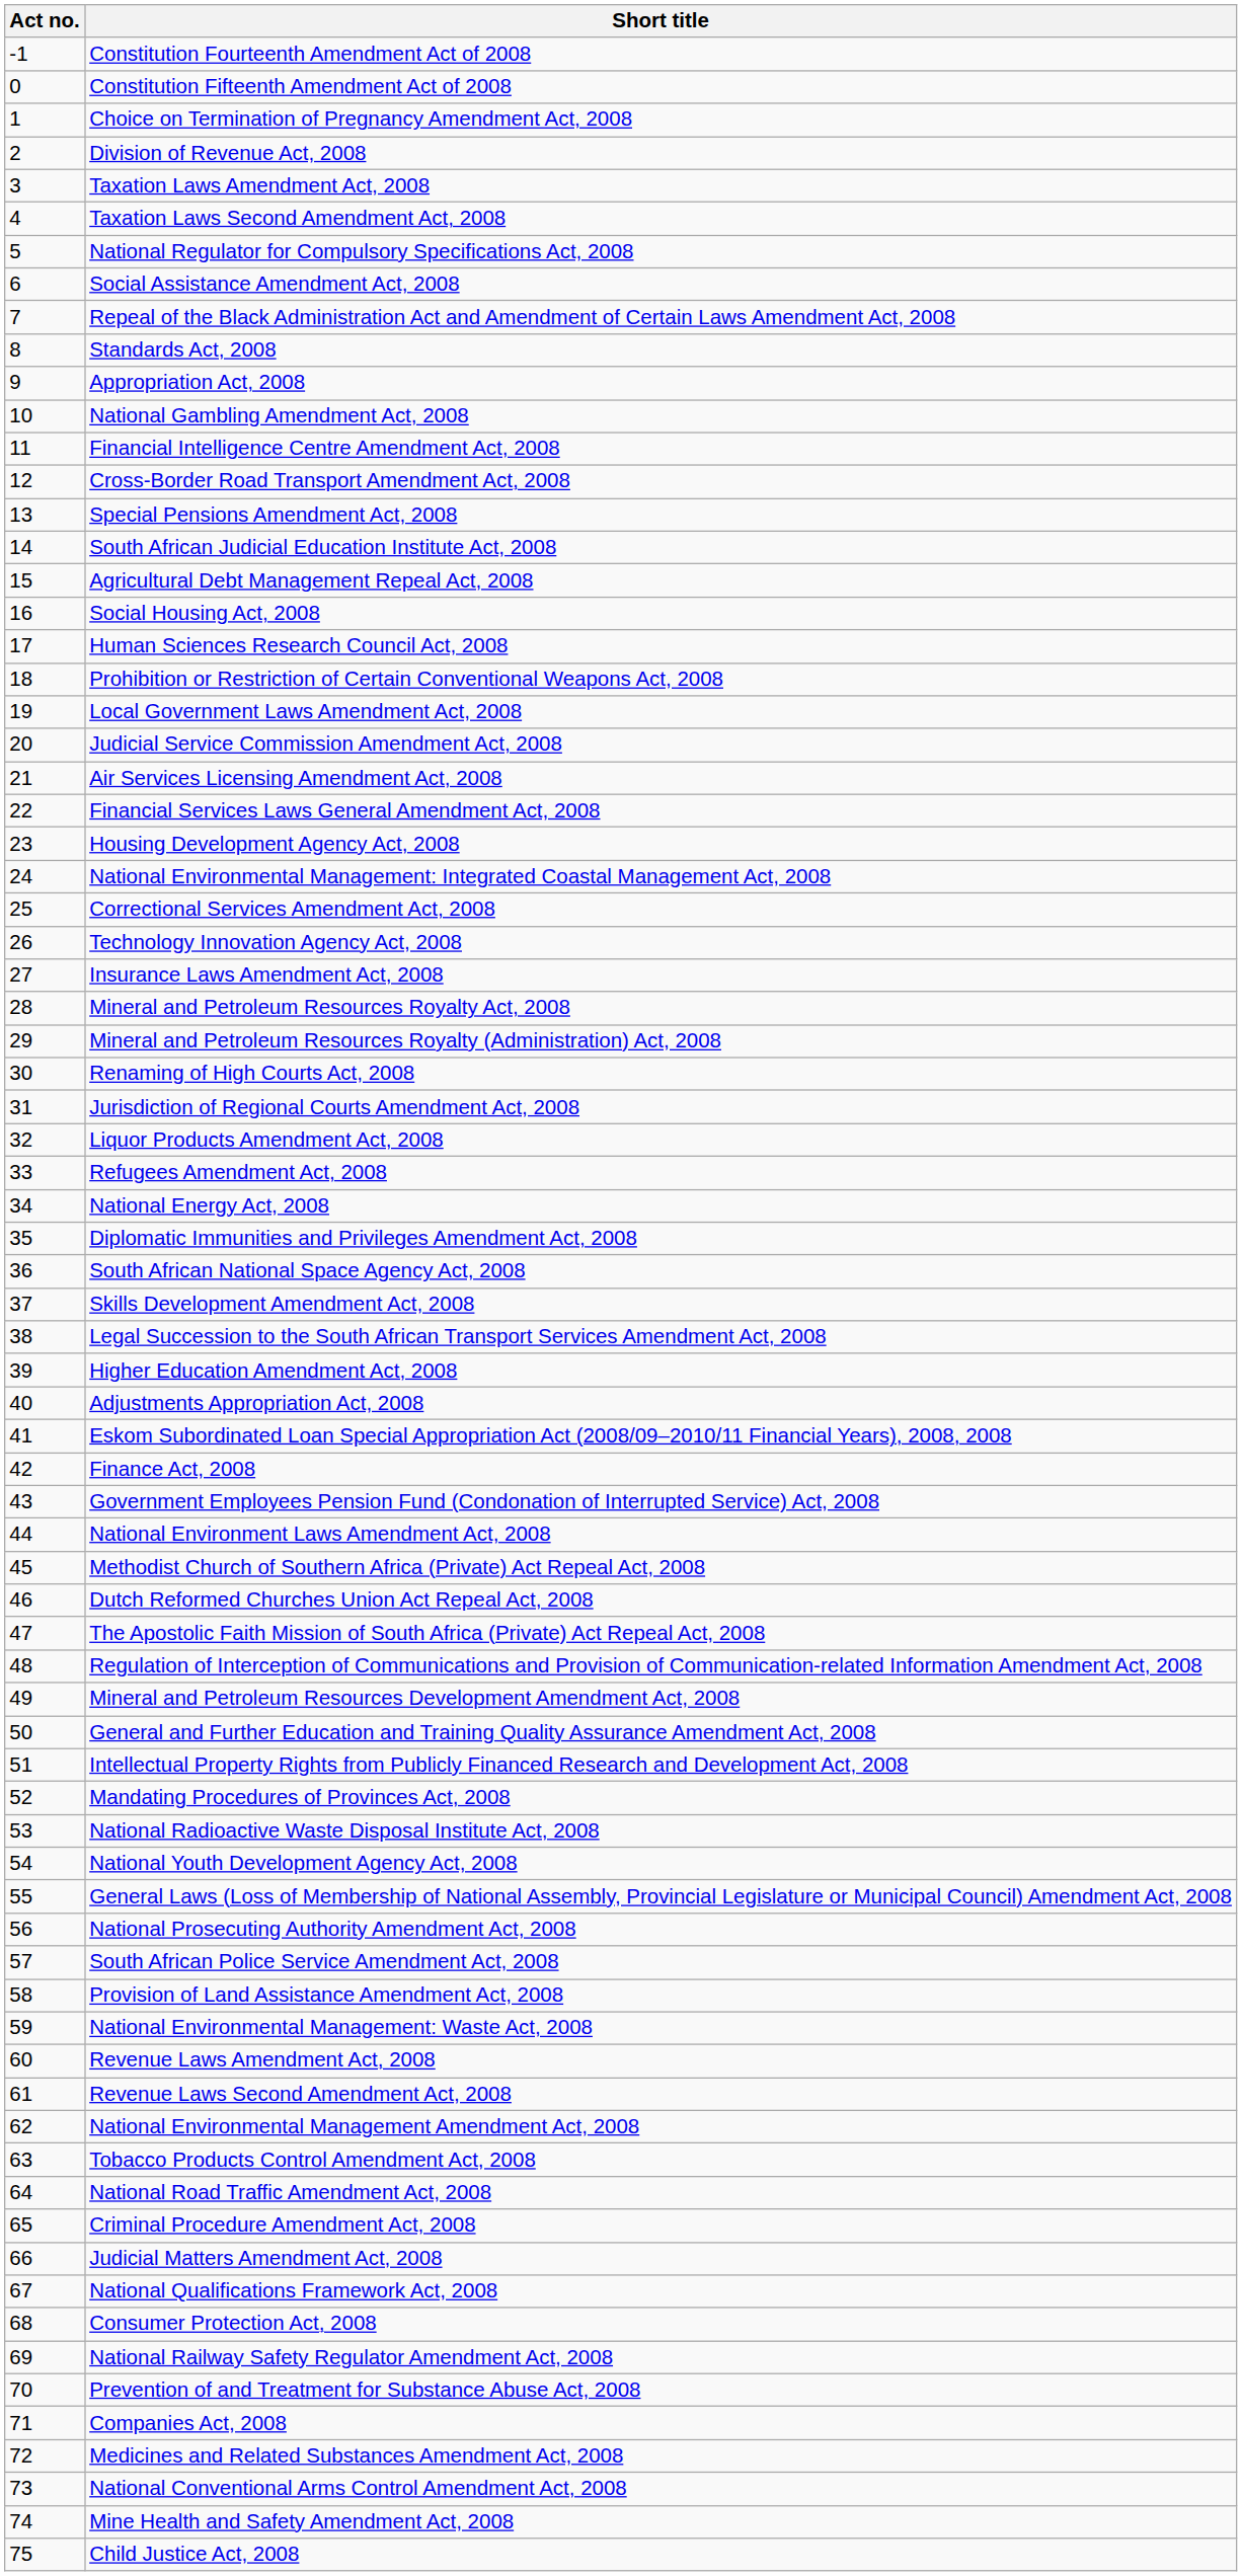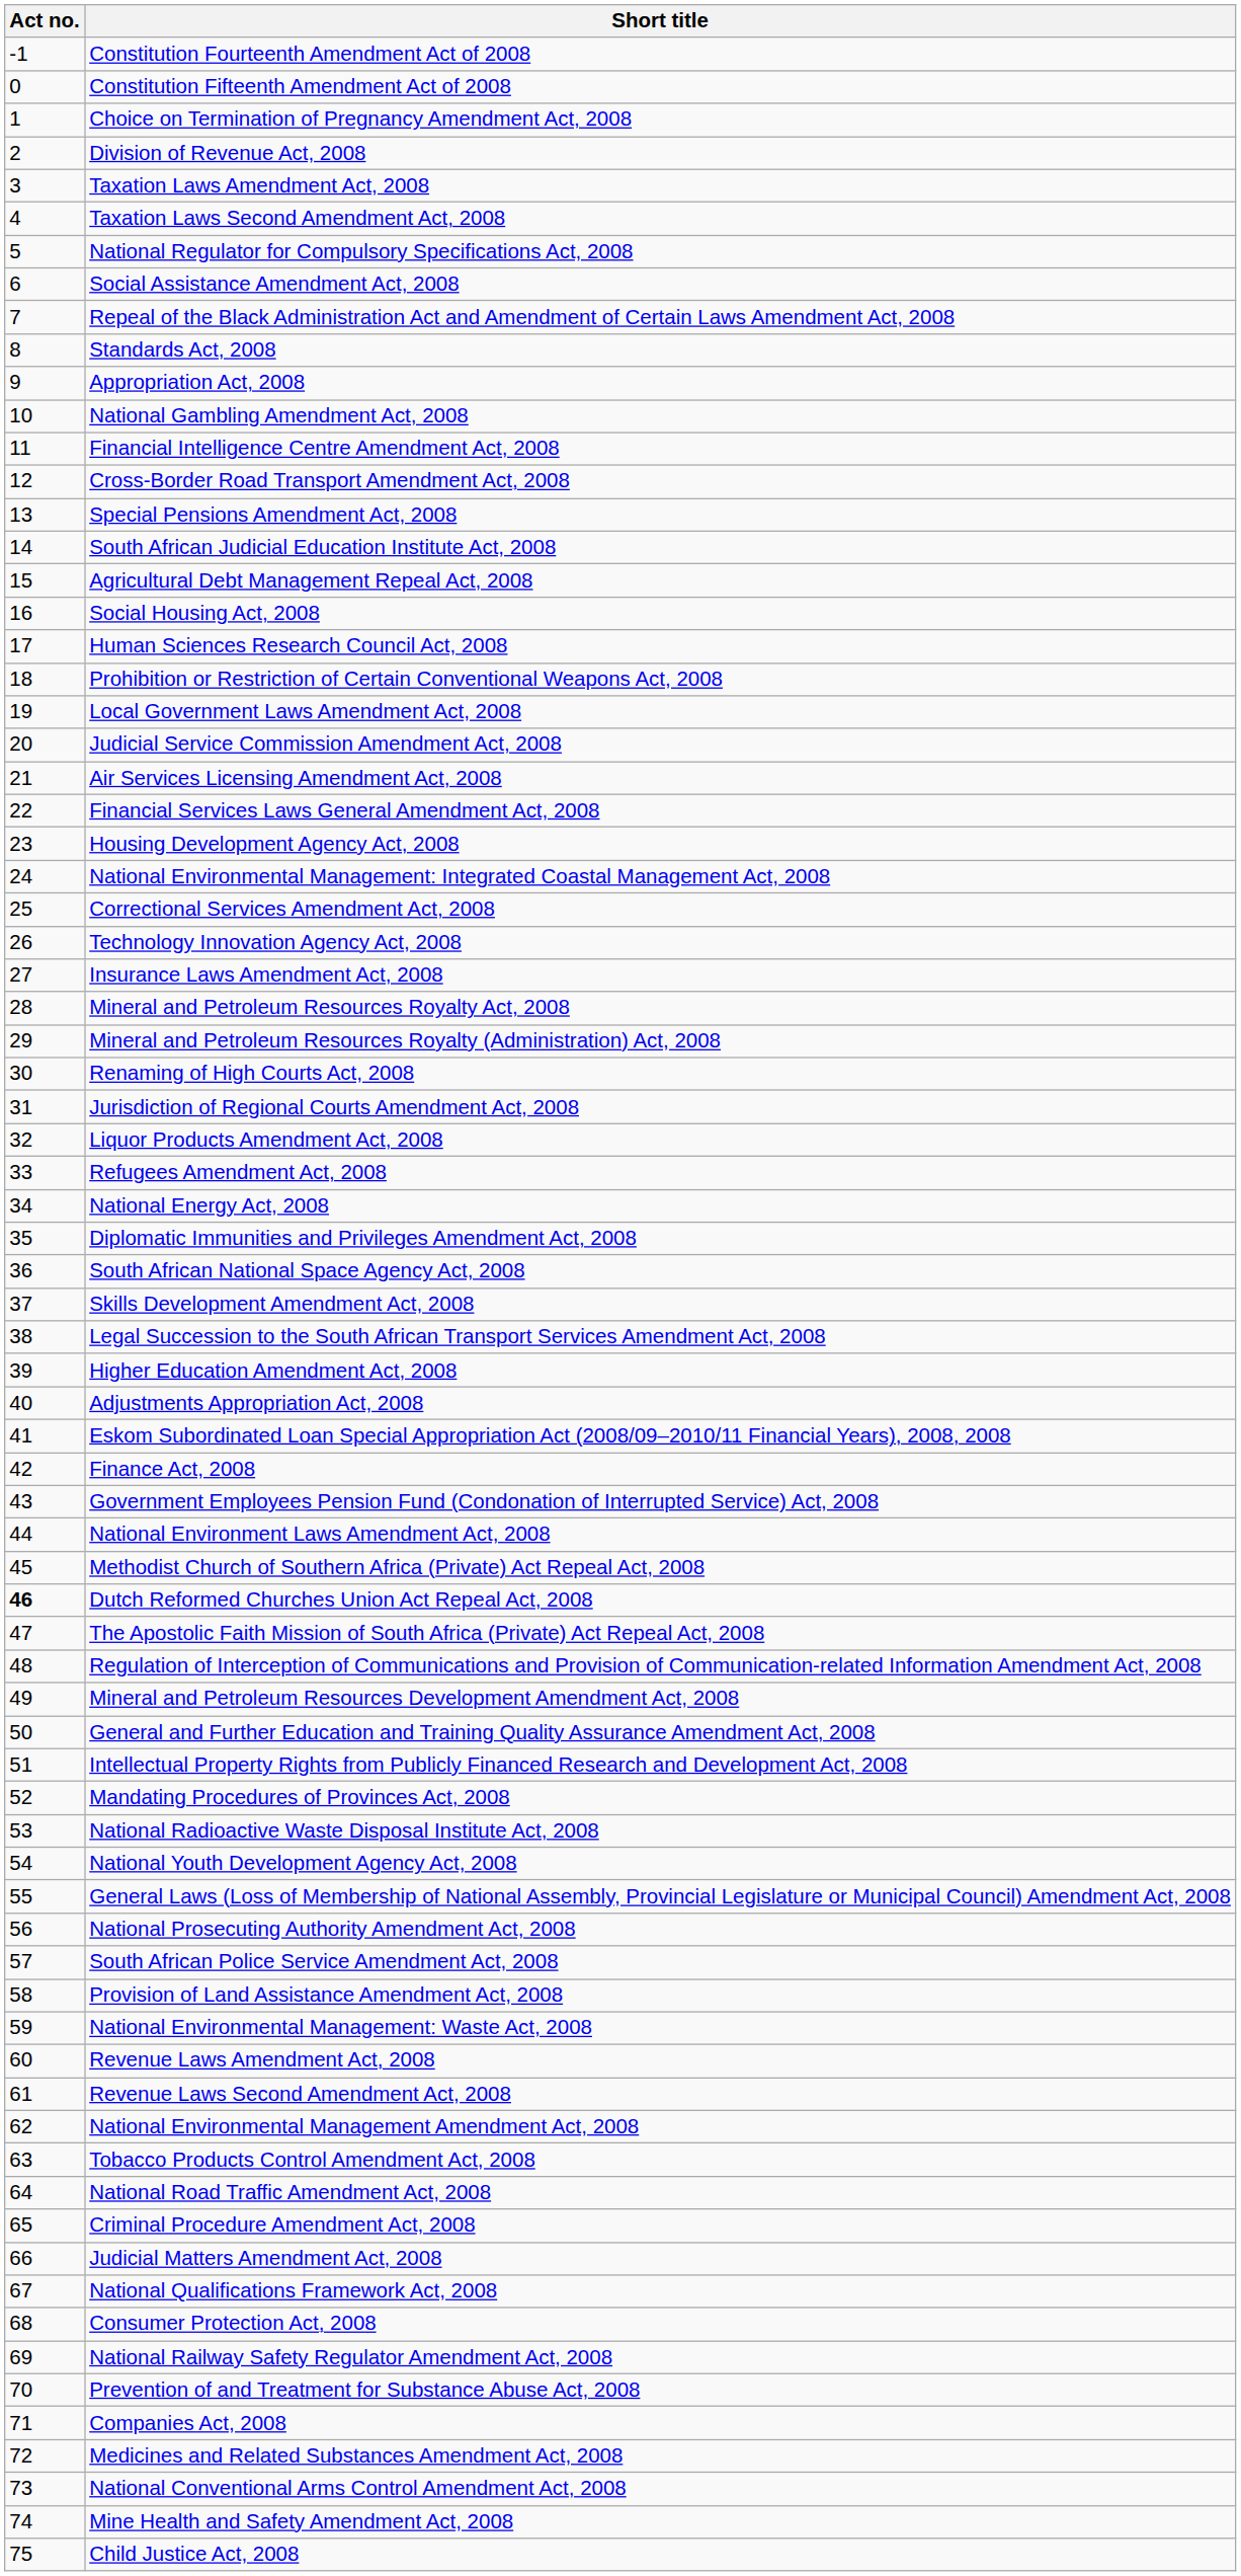 <table class="wikitable sortable">
 <tr>
 <th>Act no.</th>
 <th>Short title</th>
 </tr>
 <tr>
 <td><span>-1</span></td>
 <td><a href='#'>Constitution Fourteenth Amendment Act of 2008</a></td>
 </tr>
 <tr>
 <td><span>0</span></td>
 <td><a href='#'>Constitution Fifteenth Amendment Act of 2008</a></td>
 </tr>
 <tr>
 <td>1</td>
 <td><a href='#'>Choice on Termination of Pregnancy Amendment Act, 2008</a></td>
 </tr>
 <tr>
 <td>2</td>
 <td><a href='#'>Division of Revenue Act, 2008</a></td>
 </tr>
 <tr>
 <td>3</td>
 <td><a href='#'>Taxation Laws Amendment Act, 2008</a></td>
 </tr>
 <tr>
 <td>4</td>
 <td><a href='#'>Taxation Laws Second Amendment Act, 2008</a></td>
 </tr>
 <tr>
 <td>5</td>
 <td><a href='#'>National Regulator for Compulsory Specifications Act, 2008</a></td>
 </tr>
 <tr>
 <td>6</td>
 <td><a href='#'>Social Assistance Amendment Act, 2008</a></td>
 </tr>
 <tr>
 <td>7</td>
 <td><a href='#'>Repeal of the Black Administration Act and Amendment of Certain Laws Amendment Act, 2008</a></td>
 </tr>
 <tr>
 <td>8</td>
 <td><a href='#'>Standards Act, 2008</a></td>
 </tr>
 <tr>
 <td>9</td>
 <td><a href='#'>Appropriation Act, 2008</a></td>
 </tr>
 <tr>
 <td>10</td>
 <td><a href='#'>National Gambling Amendment Act, 2008</a></td>
 </tr>
 <tr>
 <td>11</td>
 <td><a href='#'>Financial Intelligence Centre Amendment Act, 2008</a></td>
 </tr>
 <tr>
 <td>12</td>
 <td><a href='#'>Cross-Border Road Transport Amendment Act, 2008</a></td>
 </tr>
 <tr>
 <td>13</td>
 <td><a href='#'>Special Pensions Amendment Act, 2008</a></td>
 </tr>
 <tr>
 <td>14</td>
 <td><a href='#'>South African Judicial Education Institute Act, 2008</a></td>
 </tr>
 <tr>
 <td>15</td>
 <td><a href='#'>Agricultural Debt Management Repeal Act, 2008</a></td>
 </tr>
 <tr>
 <td>16</td>
 <td><a href='#'>Social Housing Act, 2008</a></td>
 </tr>
 <tr>
 <td>17</td>
 <td><a href='#'>Human Sciences Research Council Act, 2008</a></td>
 </tr>
 <tr>
 <td>18</td>
 <td><a href='#'>Prohibition or Restriction of Certain Conventional Weapons Act, 2008</a></td>
 </tr>
 <tr>
 <td>19</td>
 <td><a href='#'>Local Government Laws Amendment Act, 2008</a></td>
 </tr>
 <tr>
 <td>20</td>
 <td><a href='#'>Judicial Service Commission Amendment Act, 2008</a></td>
 </tr>
 <tr>
 <td>21</td>
 <td><a href='#'>Air Services Licensing Amendment Act, 2008</a></td>
 </tr>
 <tr>
 <td>22</td>
 <td><a href='#'>Financial Services Laws General Amendment Act, 2008</a></td>
 </tr>
 <tr>
 <td>23</td>
 <td><a href='#'>Housing Development Agency Act, 2008</a></td>
 </tr>
 <tr>
 <td>24</td>
 <td><a href='#'>National Environmental Management: Integrated Coastal Management Act, 2008</a></td>
 </tr>
 <tr>
 <td>25</td>
 <td><a href='#'>Correctional Services Amendment Act, 2008</a></td>
 </tr>
 <tr>
 <td>26</td>
 <td><a href='#'>Technology Innovation Agency Act, 2008</a></td>
 </tr>
 <tr>
 <td>27</td>
 <td><a href='#'>Insurance Laws Amendment Act, 2008</a></td>
 </tr>
 <tr>
 <td>28</td>
 <td><a href='#'>Mineral and Petroleum Resources Royalty Act, 2008</a></td>
 </tr>
 <tr>
 <td>29</td>
 <td><a href='#'>Mineral and Petroleum Resources Royalty (Administration) Act, 2008</a></td>
 </tr>
 <tr>
 <td>30</td>
 <td><a href='#'>Renaming of High Courts Act, 2008</a></td>
 </tr>
 <tr>
 <td>31</td>
 <td><a href='#'>Jurisdiction of Regional Courts Amendment Act, 2008</a></td>
 </tr>
 <tr>
 <td>32</td>
 <td><a href='#'>Liquor Products Amendment Act, 2008</a></td>
 </tr>
 <tr>
 <td>33</td>
 <td><a href='#'>Refugees Amendment Act, 2008</a></td>
 </tr>
 <tr>
 <td>34</td>
 <td><a href='#'>National Energy Act, 2008</a></td>
 </tr>
 <tr>
 <td>35</td>
 <td><a href='#'>Diplomatic Immunities and Privileges Amendment Act, 2008</a></td>
 </tr>
 <tr>
 <td>36</td>
 <td><a href='#'>South African National Space Agency Act, 2008</a></td>
 </tr>
 <tr>
 <td>37</td>
 <td><a href='#'>Skills Development Amendment Act, 2008</a></td>
 </tr>
 <tr>
 <td>38</td>
 <td><a href='#'>Legal Succession to the South African Transport Services Amendment Act, 2008</a></td>
 </tr>
 <tr>
 <td>39</td>
 <td><a href='#'>Higher Education Amendment Act, 2008</a></td>
 </tr>
 <tr>
 <td>40</td>
 <td><a href='#'>Adjustments Appropriation Act, 2008</a></td>
 </tr>
 <tr>
 <td>41</td>
 <td><a href='#'>Eskom Subordinated Loan Special Appropriation Act (2008/09–2010/11 Financial Years), 2008, 2008</a></td>
 </tr>
 <tr>
 <td>42</td>
 <td><a href='#'>Finance Act, 2008</a></td>
 </tr>
 <tr>
 <td>43</td>
 <td><a href='#'>Government Employees Pension Fund (Condonation of Interrupted Service) Act, 2008</a></td>
 </tr>
 <tr>
 <td>44</td>
 <td><a href='#'>National Environment Laws Amendment Act, 2008</a></td>
 </tr>
 <tr>
 <td>45</td>
 <td><a href='#'>Methodist Church of Southern Africa (Private) Act Repeal Act, 2008</a></td>
 </tr>
 <tr>
-<td>46</td>
+<td><strong>46</strong></td>
 <td><a href='#'>Dutch Reformed Churches Union Act Repeal Act, 2008</a></td>
 </tr>
 <tr>
 <td>47</td>
 <td><a href='#'>The Apostolic Faith Mission of South Africa (Private) Act Repeal Act, 2008</a></td>
 </tr>
 <tr>
 <td>48</td>
 <td><a href='#'>Regulation of Interception of Communications and Provision of Communication-related Information Amendment Act, 2008</a></td>
 </tr>
 <tr>
 <td>49</td>
 <td><a href='#'>Mineral and Petroleum Resources Development Amendment Act, 2008</a></td>
 </tr>
 <tr>
 <td>50</td>
 <td><a href='#'>General and Further Education and Training Quality Assurance Amendment Act, 2008</a></td>
 </tr>
 <tr>
 <td>51</td>
 <td><a href='#'>Intellectual Property Rights from Publicly Financed Research and Development Act, 2008</a></td>
 </tr>
 <tr>
 <td>52</td>
 <td><a href='#'>Mandating Procedures of Provinces Act, 2008</a></td>
 </tr>
 <tr>
 <td>53</td>
 <td><a href='#'>National Radioactive Waste Disposal Institute Act, 2008</a></td>
 </tr>
 <tr>
 <td>54</td>
 <td><a href='#'>National Youth Development Agency Act, 2008</a></td>
 </tr>
 <tr>
 <td>55</td>
 <td><a href='#'>General Laws (Loss of Membership of National Assembly, Provincial Legislature or Municipal Council) Amendment Act, 2008</a></td>
 </tr>
 <tr>
 <td>56</td>
 <td><a href='#'>National Prosecuting Authority Amendment Act, 2008</a></td>
 </tr>
 <tr>
 <td>57</td>
 <td><a href='#'>South African Police Service Amendment Act, 2008</a></td>
 </tr>
 <tr>
 <td>58</td>
 <td><a href='#'>Provision of Land Assistance Amendment Act, 2008</a></td>
 </tr>
 <tr>
 <td>59</td>
 <td><a href='#'>National Environmental Management: Waste Act, 2008</a></td>
 </tr>
 <tr>
 <td>60</td>
 <td><a href='#'>Revenue Laws Amendment Act, 2008</a></td>
 </tr>
 <tr>
 <td>61</td>
 <td><a href='#'>Revenue Laws Second Amendment Act, 2008</a></td>
 </tr>
 <tr>
 <td>62</td>
 <td><a href='#'>National Environmental Management Amendment Act, 2008</a></td>
 </tr>
 <tr>
 <td>63</td>
 <td><a href='#'>Tobacco Products Control Amendment Act, 2008</a></td>
 </tr>
 <tr>
 <td>64</td>
 <td><a href='#'>National Road Traffic Amendment Act, 2008</a></td>
 </tr>
 <tr>
 <td>65</td>
 <td><a href='#'>Criminal Procedure Amendment Act, 2008</a></td>
 </tr>
 <tr>
 <td>66</td>
 <td><a href='#'>Judicial Matters Amendment Act, 2008</a></td>
 </tr>
 <tr>
 <td>67</td>
 <td><a href='#'>National Qualifications Framework Act, 2008</a></td>
 </tr>
 <tr>
 <td>68</td>
 <td><a href='#'>Consumer Protection Act, 2008</a></td>
 </tr>
 <tr>
 <td>69</td>
 <td><a href='#'>National Railway Safety Regulator Amendment Act, 2008</a></td>
 </tr>
 <tr>
 <td>70</td>
 <td><a href='#'>Prevention of and Treatment for Substance Abuse Act, 2008</a></td>
 </tr>
 <tr>
 <td>71</td>
 <td><a href='#'>Companies Act, 2008</a></td>
 </tr>
 <tr>
 <td>72</td>
 <td><a href='#'>Medicines and Related Substances Amendment Act, 2008</a></td>
 </tr>
 <tr>
 <td>73</td>
 <td><a href='#'>National Conventional Arms Control Amendment Act, 2008</a></td>
 </tr>
 <tr>
 <td>74</td>
 <td><a href='#'>Mine Health and Safety Amendment Act, 2008</a></td>
 </tr>
 <tr>
 <td>75</td>
 <td><a href='#'>Child Justice Act, 2008</a></td>
 </tr>
 </table>
